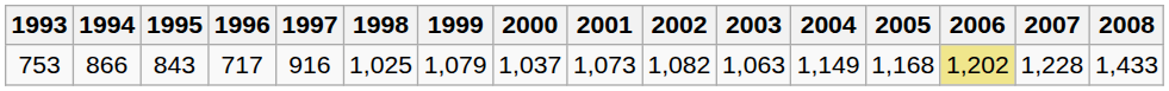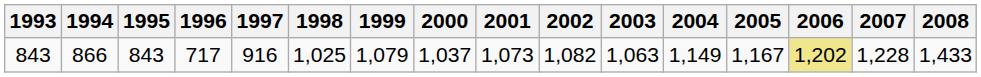 <table class="wikitable" style="text-align:center">
 <tr>
 <th>1993</th>
 <th>1994</th>
 <th>1995</th>
 <th>1996</th>
 <th>1997</th>
 <th>1998</th>
 <th>1999</th>
 <th>2000</th>
 <th>2001</th>
 <th>2002</th>
 <th>2003</th>
 <th>2004</th>
 <th>2005</th>
 <th>2006</th>
 <th>2007</th>
 <th>2008</th>
 </tr>
 <tr>
-<td>753</td>
+<td>843</td>
 <td>866</td>
 <td>843</td>
 <td>717</td>
 <td>916</td>
 <td>1,025</td>
 <td>1,079</td>
 <td>1,037</td>
 <td>1,073</td>
 <td>1,082</td>
 <td>1,063</td>
 <td>1,149</td>
-<td>1,168</td>
+<td>1,167</td>
 <td style="background: khaki;">1,202</td>
 <td>1,228</td>
 <td>1,433</td>
 </tr>
 </table>
